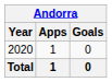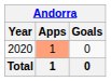 <table class="wikitable" style="text-align:center">
 <tr>
 <th colspan=3><a href='#'>Andorra</a></th>
 </tr>
 <tr>
 <th>Year</th>
 <th>Apps</th>
 <th>Goals</th>
 </tr>
 <tr>
 <td>2020</td>
-<td>1</td>
+<td style="background: lightsalmon;">1</td>
 <td>0</td>
 </tr>
 <tr>
 <th>Total</th>
 <th>1</th>
 <th>0</th>
 </tr>
 </table>
